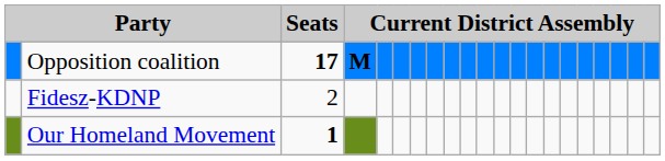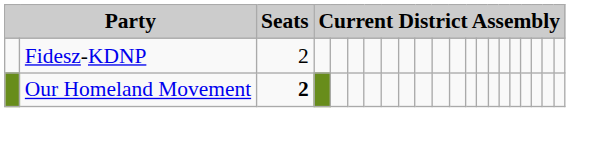 <table class="wikitable">
 <tr>
 <th colspan="2" style="background:#ccc">Party</th>
 <th style="background:#ccc">Seats</th>
 <th colspan="18" style="background:#ccc">Current District Assembly</th>
-</tr>
-<tr>
-<td style="background-color:#007FFF"> </td>
-<td>Opposition coalition</td>
-<td style="text-align: right"><strong>17</strong></td>
-<td style="background-color:#007FFF"><span><strong>M</strong></span></td>
-<td style="background-color:#007FFF"> </td>
-<td style="background-color:#007FFF"> </td>
-<td style="background-color:#007FFF"> </td>
-<td style="background-color:#007FFF"> </td>
-<td style="background-color:#007FFF"> </td>
-<td style="background-color:#007FFF"> </td>
-<td style="background-color:#007FFF"> </td>
-<td style="background-color:#007FFF"> </td>
-<td style="background-color:#007FFF"> </td>
-<td style="background-color:#007FFF"> </td>
-<td style="background-color:#007FFF"> </td>
-<td style="background-color:#007FFF"> </td>
-<td style="background-color:#007FFF"> </td>
-<td style="background-color:#007FFF"> </td>
-<td style="background-color:#007FFF"> </td>
-<td style="background-color:#007FFF"> </td>
-<td style="background-color:#007FFF"> </td>
 </tr>
 <tr>
 <td style="background-color: "> </td>
 <td><a href='#'>Fidesz</a>-<a href='#'>KDNP</a></td>
 <td style="text-align: right">2</td>
 <td style="background-color: "></td>
 <td style="background-color: "> </td>
 <td style="background-color: "> </td>
 <td style="background-color: "> </td>
 <td style="background-color: "> </td>
 <td style="background-color: "> </td>
 <td style="background-color: "> </td>
 <td></td>
 <td></td>
 <td></td>
 <td></td>
 <td></td>
 <td></td>
 <td></td>
 <td></td>
 <td></td>
 <td></td>
 <td></td>
 </tr>
 <tr>
 <td style="background-color:#688d1b"> </td>
 <td><a href='#'>Our Homeland Movement</a></td>
-<td style="text-align: right"><strong>1</strong></td>
+<td style="text-align: right"><strong>2</strong></td>
 <td style="background-color:#688d1b"> </td>
 <td> </td>
 <td> </td>
 <td> </td>
 <td> </td>
 <td> </td>
 <td> </td>
 <td> </td>
 <td> </td>
 <td></td>
 <td></td>
 <td></td>
 <td></td>
 <td></td>
 <td></td>
 <td></td>
 <td></td>
 <td></td>
 </tr>
 </table>
